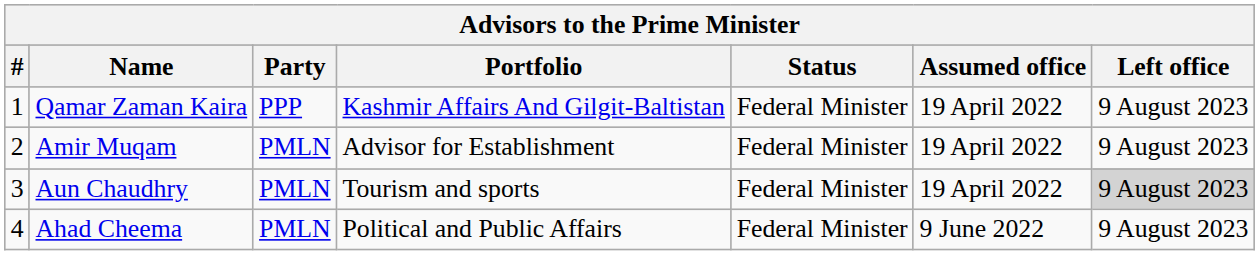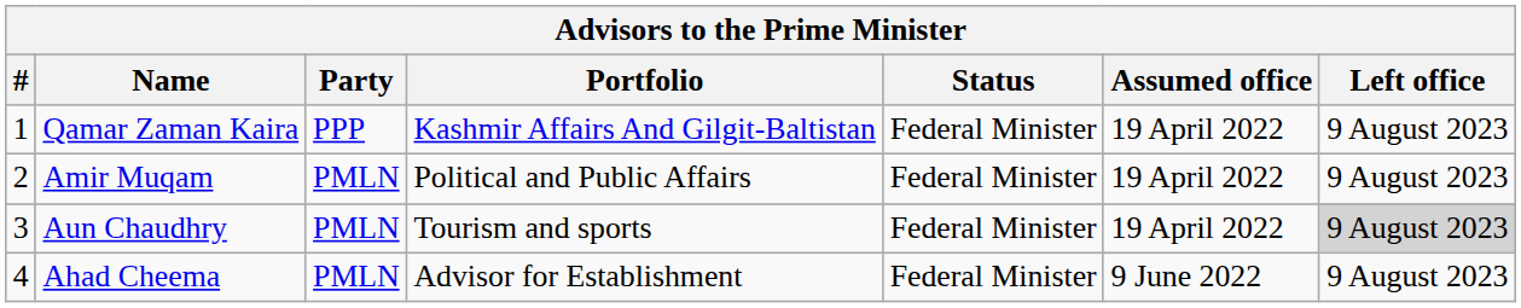 <table class="wikitable sortable">
 <tr>
 <th colspan="7">Advisors to the Prime Minister</th>
 </tr>
 <tr>
 <th>#</th>
 <th>Name</th>
 <th>Party</th>
 <th>Portfolio</th>
 <th>Status</th>
 <th>Assumed office</th>
 <th>Left office</th>
 </tr>
 <tr>
 <td>1</td>
 <td><a href='#'>Qamar Zaman Kaira</a></td>
 <td><a href='#'>PPP</a></td>
 <td><a href='#'>Kashmir Affairs And Gilgit-Baltistan</a></td>
 <td>Federal Minister</td>
 <td>19 April 2022</td>
 <td>9 August 2023</td>
 </tr>
 <tr>
 <td>2</td>
 <td><a href='#'>Amir Muqam</a></td>
 <td><a href='#'>PMLN</a></td>
-<td>Advisor for Establishment</td>
+<td>Political and Public Affairs</td>
 <td>Federal Minister</td>
 <td>19 April 2022</td>
 <td>9 August 2023</td>
 </tr>
 <tr>
 <td>3</td>
 <td><a href='#'>Aun Chaudhry</a></td>
 <td><a href='#'>PMLN</a></td>
 <td>Tourism and sports</td>
 <td>Federal Minister</td>
 <td>19 April 2022</td>
 <td style="background: lightgrey;">9 August 2023</td>
 </tr>
 <tr>
 <td>4</td>
 <td><a href='#'>Ahad Cheema</a></td>
 <td><a href='#'>PMLN</a></td>
-<td>Political and Public Affairs</td>
+<td>Advisor for Establishment</td>
 <td>Federal Minister</td>
 <td>9 June 2022</td>
 <td>9 August 2023</td>
 </tr>
 </table>
